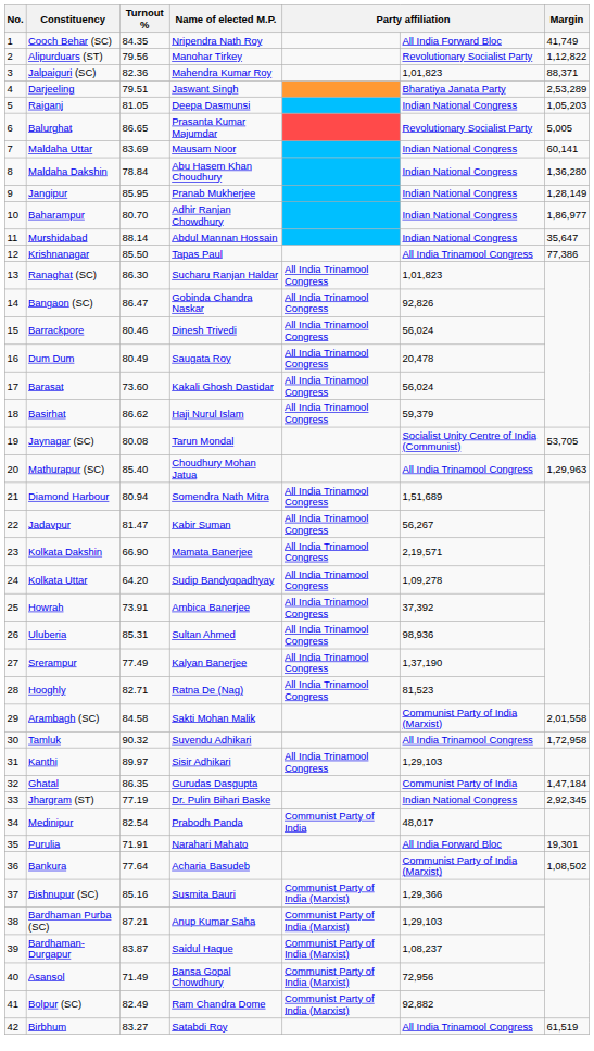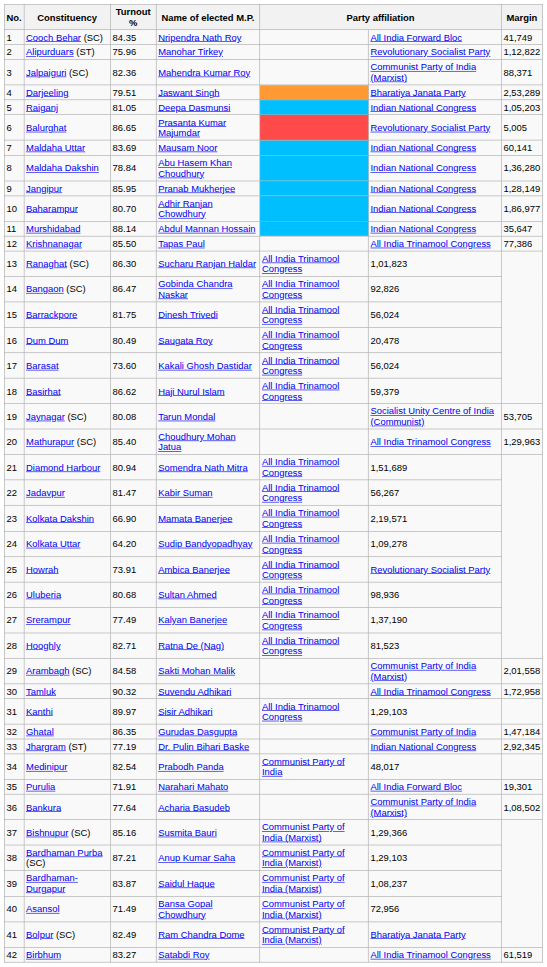 <table class="sortable wikitable" style="font-size: 95%;">
 <tr>
 <th>No.</th>
 <th>Constituency</th>
 <th>Turnout %</th>
 <th>Name of elected M.P.</th>
 <th colspan="2">Party affiliation</th>
 <th>Margin</th>
 </tr>
 <tr>
 <td>1</td>
 <td><a href='#'>Cooch Behar</a> (SC)</td>
 <td>84.35</td>
 <td><a href='#'>Nripendra Nath Roy</a></td>
 <td></td>
 <td><a href='#'>All India Forward Bloc</a></td>
 <td>41,749</td>
 </tr>
 <tr>
 <td>2</td>
 <td><a href='#'>Alipurduars</a> (ST)</td>
-<td>79.56</td>
+<td>75.96</td>
 <td><a href='#'>Manohar Tirkey</a></td>
 <td></td>
 <td><a href='#'>Revolutionary Socialist Party</a></td>
 <td>1,12,822</td>
 </tr>
 <tr>
 <td>3</td>
 <td><a href='#'>Jalpaiguri</a> (SC)</td>
 <td>82.36</td>
 <td><a href='#'>Mahendra Kumar Roy</a></td>
 <td></td>
-<td>1,01,823</td>
+<td><a href='#'>Communist Party of India (Marxist)</a></td>
 <td>88,371</td>
 </tr>
 <tr>
 <td>4</td>
 <td><a href='#'>Darjeeling</a></td>
 <td>79.51</td>
 <td><a href='#'>Jaswant Singh</a></td>
 <td bgcolor=#FF9933></td>
 <td><a href='#'>Bharatiya Janata Party</a></td>
 <td>2,53,289</td>
 </tr>
 <tr>
 <td>5</td>
 <td><a href='#'>Raiganj</a></td>
 <td>81.05</td>
 <td><a href='#'>Deepa Dasmunsi</a></td>
 <td bgcolor=#00BFFF></td>
 <td><a href='#'>Indian National Congress</a></td>
 <td>1,05,203</td>
 </tr>
 <tr>
 <td>6</td>
 <td><a href='#'>Balurghat</a></td>
 <td>86.65</td>
 <td><a href='#'>Prasanta Kumar Majumdar</a></td>
 <td bgcolor=#FF4A4A></td>
 <td><a href='#'>Revolutionary Socialist Party</a></td>
 <td>5,005</td>
 </tr>
 <tr>
 <td>7</td>
 <td><a href='#'>Maldaha Uttar</a></td>
 <td>83.69</td>
 <td><a href='#'>Mausam Noor</a></td>
 <td bgcolor=#00BFFF></td>
 <td><a href='#'>Indian National Congress</a></td>
 <td>60,141</td>
 </tr>
 <tr>
 <td>8</td>
 <td><a href='#'>Maldaha Dakshin</a></td>
 <td>78.84</td>
 <td><a href='#'>Abu Hasem Khan Choudhury</a></td>
 <td bgcolor=#00BFFF></td>
 <td><a href='#'>Indian National Congress</a></td>
 <td>1,36,280</td>
 </tr>
 <tr>
 <td>9</td>
 <td><a href='#'>Jangipur</a></td>
 <td>85.95</td>
 <td><a href='#'>Pranab Mukherjee</a></td>
 <td bgcolor=#00BFFF></td>
 <td><a href='#'>Indian National Congress</a></td>
 <td>1,28,149</td>
 </tr>
 <tr>
 <td>10</td>
 <td><a href='#'>Baharampur</a></td>
 <td>80.70</td>
 <td><a href='#'>Adhir Ranjan Chowdhury</a></td>
 <td bgcolor=#00BFFF></td>
 <td><a href='#'>Indian National Congress</a></td>
 <td>1,86,977</td>
 </tr>
 <tr>
 <td>11</td>
 <td><a href='#'>Murshidabad</a></td>
 <td>88.14</td>
 <td><a href='#'>Abdul Mannan Hossain</a></td>
 <td bgcolor=#00BFFF></td>
 <td><a href='#'>Indian National Congress</a></td>
 <td>35,647</td>
 </tr>
 <tr>
 <td>12</td>
 <td><a href='#'>Krishnanagar</a></td>
 <td>85.50</td>
 <td><a href='#'>Tapas Paul</a></td>
 <td></td>
 <td><a href='#'>All India Trinamool Congress</a></td>
 <td>77,386</td>
 </tr>
 <tr>
 <td>13</td>
 <td><a href='#'>Ranaghat</a> (SC)</td>
 <td>86.30</td>
 <td><a href='#'>Sucharu Ranjan Haldar</a></td>
 <td><a href='#'>All India Trinamool Congress</a></td>
 <td>1,01,823</td>
 </tr>
 <tr>
 <td>14</td>
 <td><a href='#'>Bangaon</a> (SC)</td>
 <td>86.47</td>
 <td><a href='#'>Gobinda Chandra Naskar</a></td>
 <td><a href='#'>All India Trinamool Congress</a></td>
 <td>92,826</td>
 </tr>
 <tr>
 <td>15</td>
 <td><a href='#'>Barrackpore</a></td>
-<td>80.46</td>
+<td>81.75</td>
 <td><a href='#'>Dinesh Trivedi</a></td>
 <td><a href='#'>All India Trinamool Congress</a></td>
 <td>56,024</td>
 </tr>
 <tr>
 <td>16</td>
 <td><a href='#'>Dum Dum</a></td>
 <td>80.49</td>
 <td><a href='#'>Saugata Roy</a></td>
 <td><a href='#'>All India Trinamool Congress</a></td>
 <td>20,478</td>
 </tr>
 <tr>
 <td>17</td>
 <td><a href='#'>Barasat</a></td>
 <td>73.60</td>
 <td><a href='#'>Kakali Ghosh Dastidar</a></td>
 <td><a href='#'>All India Trinamool Congress</a></td>
 <td>56,024</td>
 </tr>
 <tr>
 <td>18</td>
 <td><a href='#'>Basirhat</a></td>
 <td>86.62</td>
 <td><a href='#'>Haji Nurul Islam</a></td>
 <td><a href='#'>All India Trinamool Congress</a></td>
 <td>59,379</td>
 </tr>
 <tr>
 <td>19</td>
 <td><a href='#'>Jaynagar</a> (SC)</td>
 <td>80.08</td>
 <td><a href='#'>Tarun Mondal</a></td>
 <td></td>
 <td><a href='#'>Socialist Unity Centre of India (Communist)</a></td>
 <td>53,705</td>
 </tr>
 <tr>
 <td>20</td>
 <td><a href='#'>Mathurapur</a> (SC)</td>
 <td>85.40</td>
 <td><a href='#'>Choudhury Mohan Jatua</a></td>
 <td></td>
 <td><a href='#'>All India Trinamool Congress</a></td>
 <td>1,29,963</td>
 </tr>
 <tr>
 <td>21</td>
 <td><a href='#'>Diamond Harbour</a></td>
 <td>80.94</td>
 <td><a href='#'>Somendra Nath Mitra</a></td>
 <td><a href='#'>All India Trinamool Congress</a></td>
 <td>1,51,689</td>
 </tr>
 <tr>
 <td>22</td>
 <td><a href='#'>Jadavpur</a></td>
 <td>81.47</td>
 <td><a href='#'>Kabir Suman</a></td>
 <td><a href='#'>All India Trinamool Congress</a></td>
 <td>56,267</td>
 </tr>
 <tr>
 <td>23</td>
 <td><a href='#'>Kolkata Dakshin</a></td>
 <td>66.90</td>
 <td><a href='#'>Mamata Banerjee</a></td>
 <td><a href='#'>All India Trinamool Congress</a></td>
 <td>2,19,571</td>
 </tr>
 <tr>
 <td>24</td>
 <td><a href='#'>Kolkata Uttar</a></td>
 <td>64.20</td>
 <td><a href='#'>Sudip Bandyopadhyay</a></td>
 <td><a href='#'>All India Trinamool Congress</a></td>
 <td>1,09,278</td>
 </tr>
 <tr>
 <td>25</td>
 <td><a href='#'>Howrah</a></td>
 <td>73.91</td>
 <td><a href='#'>Ambica Banerjee</a></td>
 <td><a href='#'>All India Trinamool Congress</a></td>
-<td>37,392</td>
+<td><a href='#'>Revolutionary Socialist Party</a></td>
 </tr>
 <tr>
 <td>26</td>
 <td><a href='#'>Uluberia</a></td>
-<td>85.31</td>
+<td>80.68</td>
 <td><a href='#'>Sultan Ahmed</a></td>
 <td><a href='#'>All India Trinamool Congress</a></td>
 <td>98,936</td>
 </tr>
 <tr>
 <td>27</td>
 <td><a href='#'>Srerampur</a></td>
 <td>77.49</td>
 <td><a href='#'>Kalyan Banerjee</a></td>
 <td><a href='#'>All India Trinamool Congress</a></td>
 <td>1,37,190</td>
 </tr>
 <tr>
 <td>28</td>
 <td><a href='#'>Hooghly</a></td>
 <td>82.71</td>
 <td><a href='#'>Ratna De (Nag)</a></td>
 <td><a href='#'>All India Trinamool Congress</a></td>
 <td>81,523</td>
 </tr>
 <tr>
 <td>29</td>
 <td><a href='#'>Arambagh</a> (SC)</td>
 <td>84.58</td>
 <td><a href='#'>Sakti Mohan Malik</a></td>
 <td></td>
 <td><a href='#'>Communist Party of India (Marxist)</a></td>
 <td>2,01,558</td>
 </tr>
 <tr>
 <td>30</td>
 <td><a href='#'>Tamluk</a></td>
 <td>90.32</td>
 <td><a href='#'>Suvendu Adhikari</a></td>
 <td></td>
 <td><a href='#'>All India Trinamool Congress</a></td>
 <td>1,72,958</td>
 </tr>
 <tr>
 <td>31</td>
 <td><a href='#'>Kanthi</a></td>
 <td>89.97</td>
 <td><a href='#'>Sisir Adhikari</a></td>
 <td><a href='#'>All India Trinamool Congress</a></td>
 <td>1,29,103</td>
 </tr>
 <tr>
 <td>32</td>
 <td><a href='#'>Ghatal</a></td>
 <td>86.35</td>
 <td><a href='#'>Gurudas Dasgupta</a></td>
 <td></td>
 <td><a href='#'>Communist Party of India</a></td>
 <td>1,47,184</td>
 </tr>
 <tr>
 <td>33</td>
 <td><a href='#'>Jhargram</a> (ST)</td>
 <td>77.19</td>
 <td><a href='#'>Dr. Pulin Bihari Baske</a></td>
 <td></td>
 <td><a href='#'>Indian National Congress</a></td>
 <td>2,92,345</td>
 </tr>
 <tr>
 <td>34</td>
 <td><a href='#'>Medinipur</a></td>
 <td>82.54</td>
 <td><a href='#'>Prabodh Panda</a></td>
 <td><a href='#'>Communist Party of India</a></td>
 <td>48,017</td>
 </tr>
 <tr>
 <td>35</td>
 <td><a href='#'>Purulia</a></td>
 <td>71.91</td>
 <td><a href='#'>Narahari Mahato</a></td>
 <td></td>
 <td><a href='#'>All India Forward Bloc</a></td>
 <td>19,301</td>
 </tr>
 <tr>
 <td>36</td>
 <td><a href='#'>Bankura</a></td>
 <td>77.64</td>
 <td><a href='#'>Acharia Basudeb</a></td>
 <td></td>
 <td><a href='#'>Communist Party of India (Marxist)</a></td>
 <td>1,08,502</td>
 </tr>
 <tr>
 <td>37</td>
 <td><a href='#'>Bishnupur</a> (SC)</td>
 <td>85.16</td>
 <td><a href='#'>Susmita Bauri</a></td>
 <td><a href='#'>Communist Party of India (Marxist)</a></td>
 <td>1,29,366</td>
 </tr>
 <tr>
 <td>38</td>
 <td><a href='#'>Bardhaman Purba</a> (SC)</td>
 <td>87.21</td>
 <td><a href='#'>Anup Kumar Saha</a></td>
 <td><a href='#'>Communist Party of India (Marxist)</a></td>
 <td>1,29,103</td>
 </tr>
 <tr>
 <td>39</td>
 <td><a href='#'>Bardhaman-Durgapur</a></td>
 <td>83.87</td>
 <td><a href='#'>Saidul Haque</a></td>
 <td><a href='#'>Communist Party of India (Marxist)</a></td>
 <td>1,08,237</td>
 </tr>
 <tr>
 <td>40</td>
 <td><a href='#'>Asansol</a></td>
 <td>71.49</td>
 <td><a href='#'>Bansa Gopal Chowdhury</a></td>
 <td><a href='#'>Communist Party of India (Marxist)</a></td>
 <td>72,956</td>
 </tr>
 <tr>
 <td>41</td>
 <td><a href='#'>Bolpur</a> (SC)</td>
 <td>82.49</td>
 <td><a href='#'>Ram Chandra Dome</a></td>
 <td><a href='#'>Communist Party of India (Marxist)</a></td>
-<td>92,882</td>
+<td><a href='#'>Bharatiya Janata Party</a></td>
 </tr>
 <tr>
 <td>42</td>
 <td><a href='#'>Birbhum</a></td>
 <td>83.27</td>
 <td><a href='#'>Satabdi Roy</a></td>
 <td></td>
 <td><a href='#'>All India Trinamool Congress</a></td>
 <td>61,519</td>
 </tr>
 </table>
